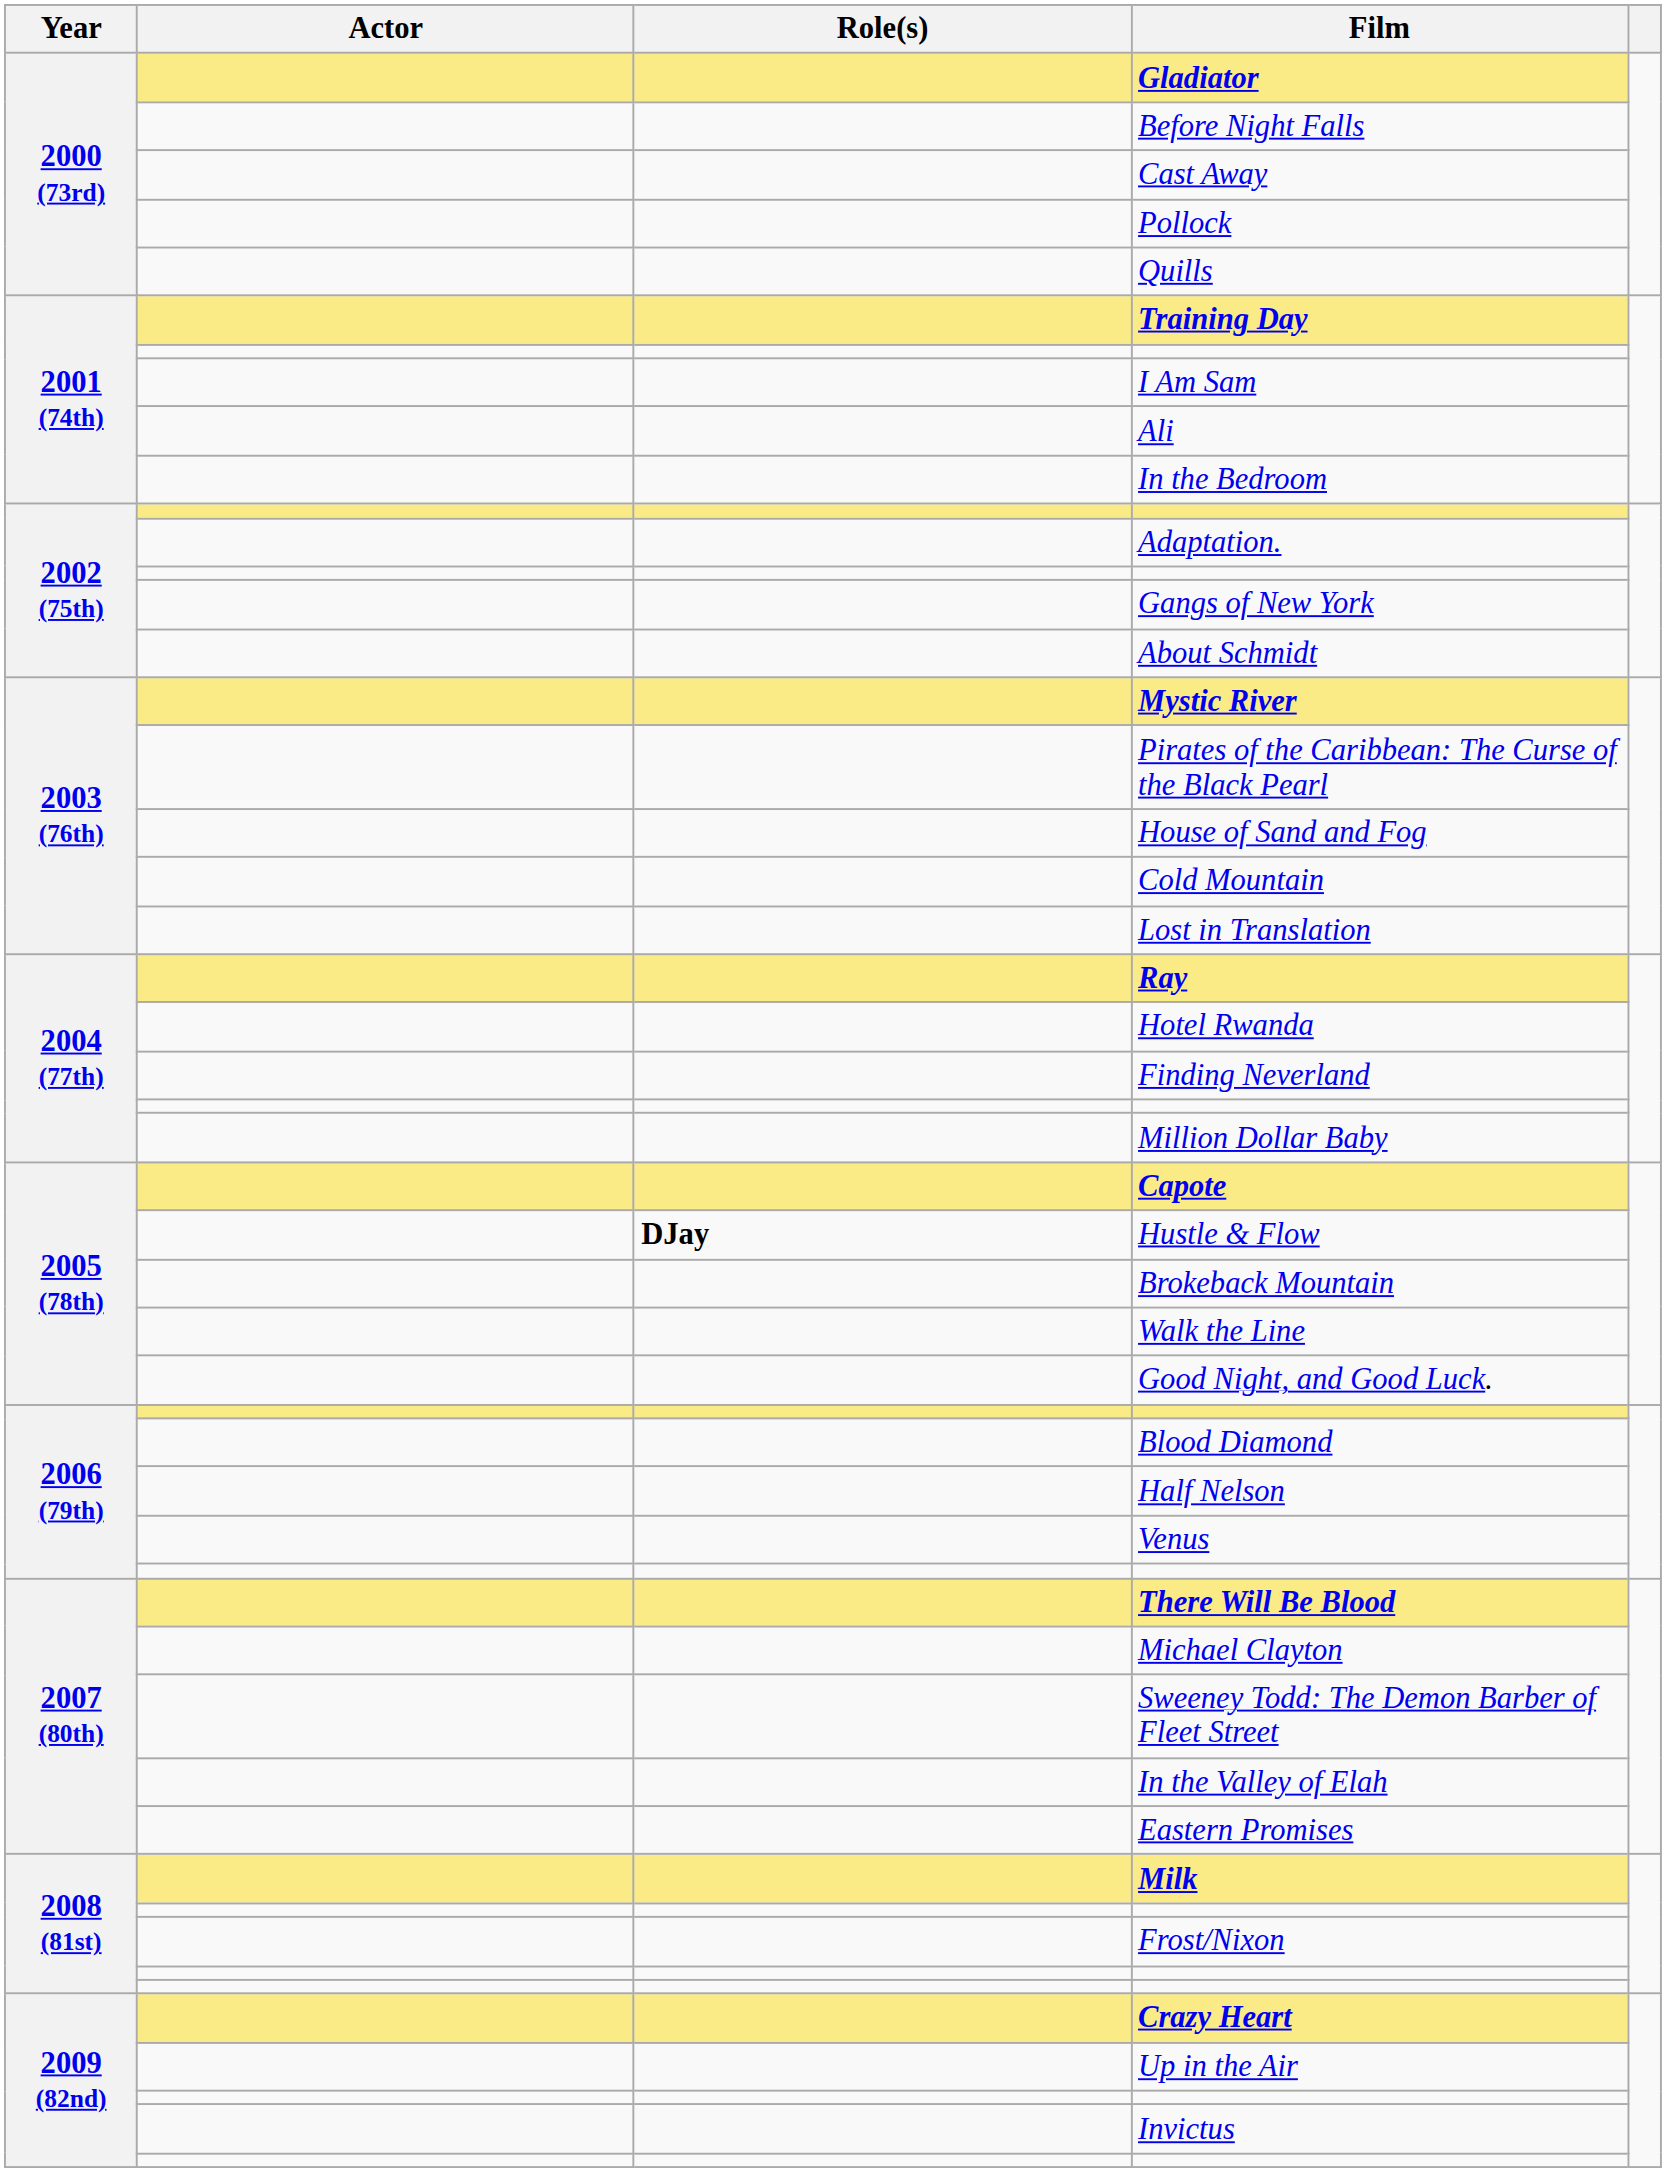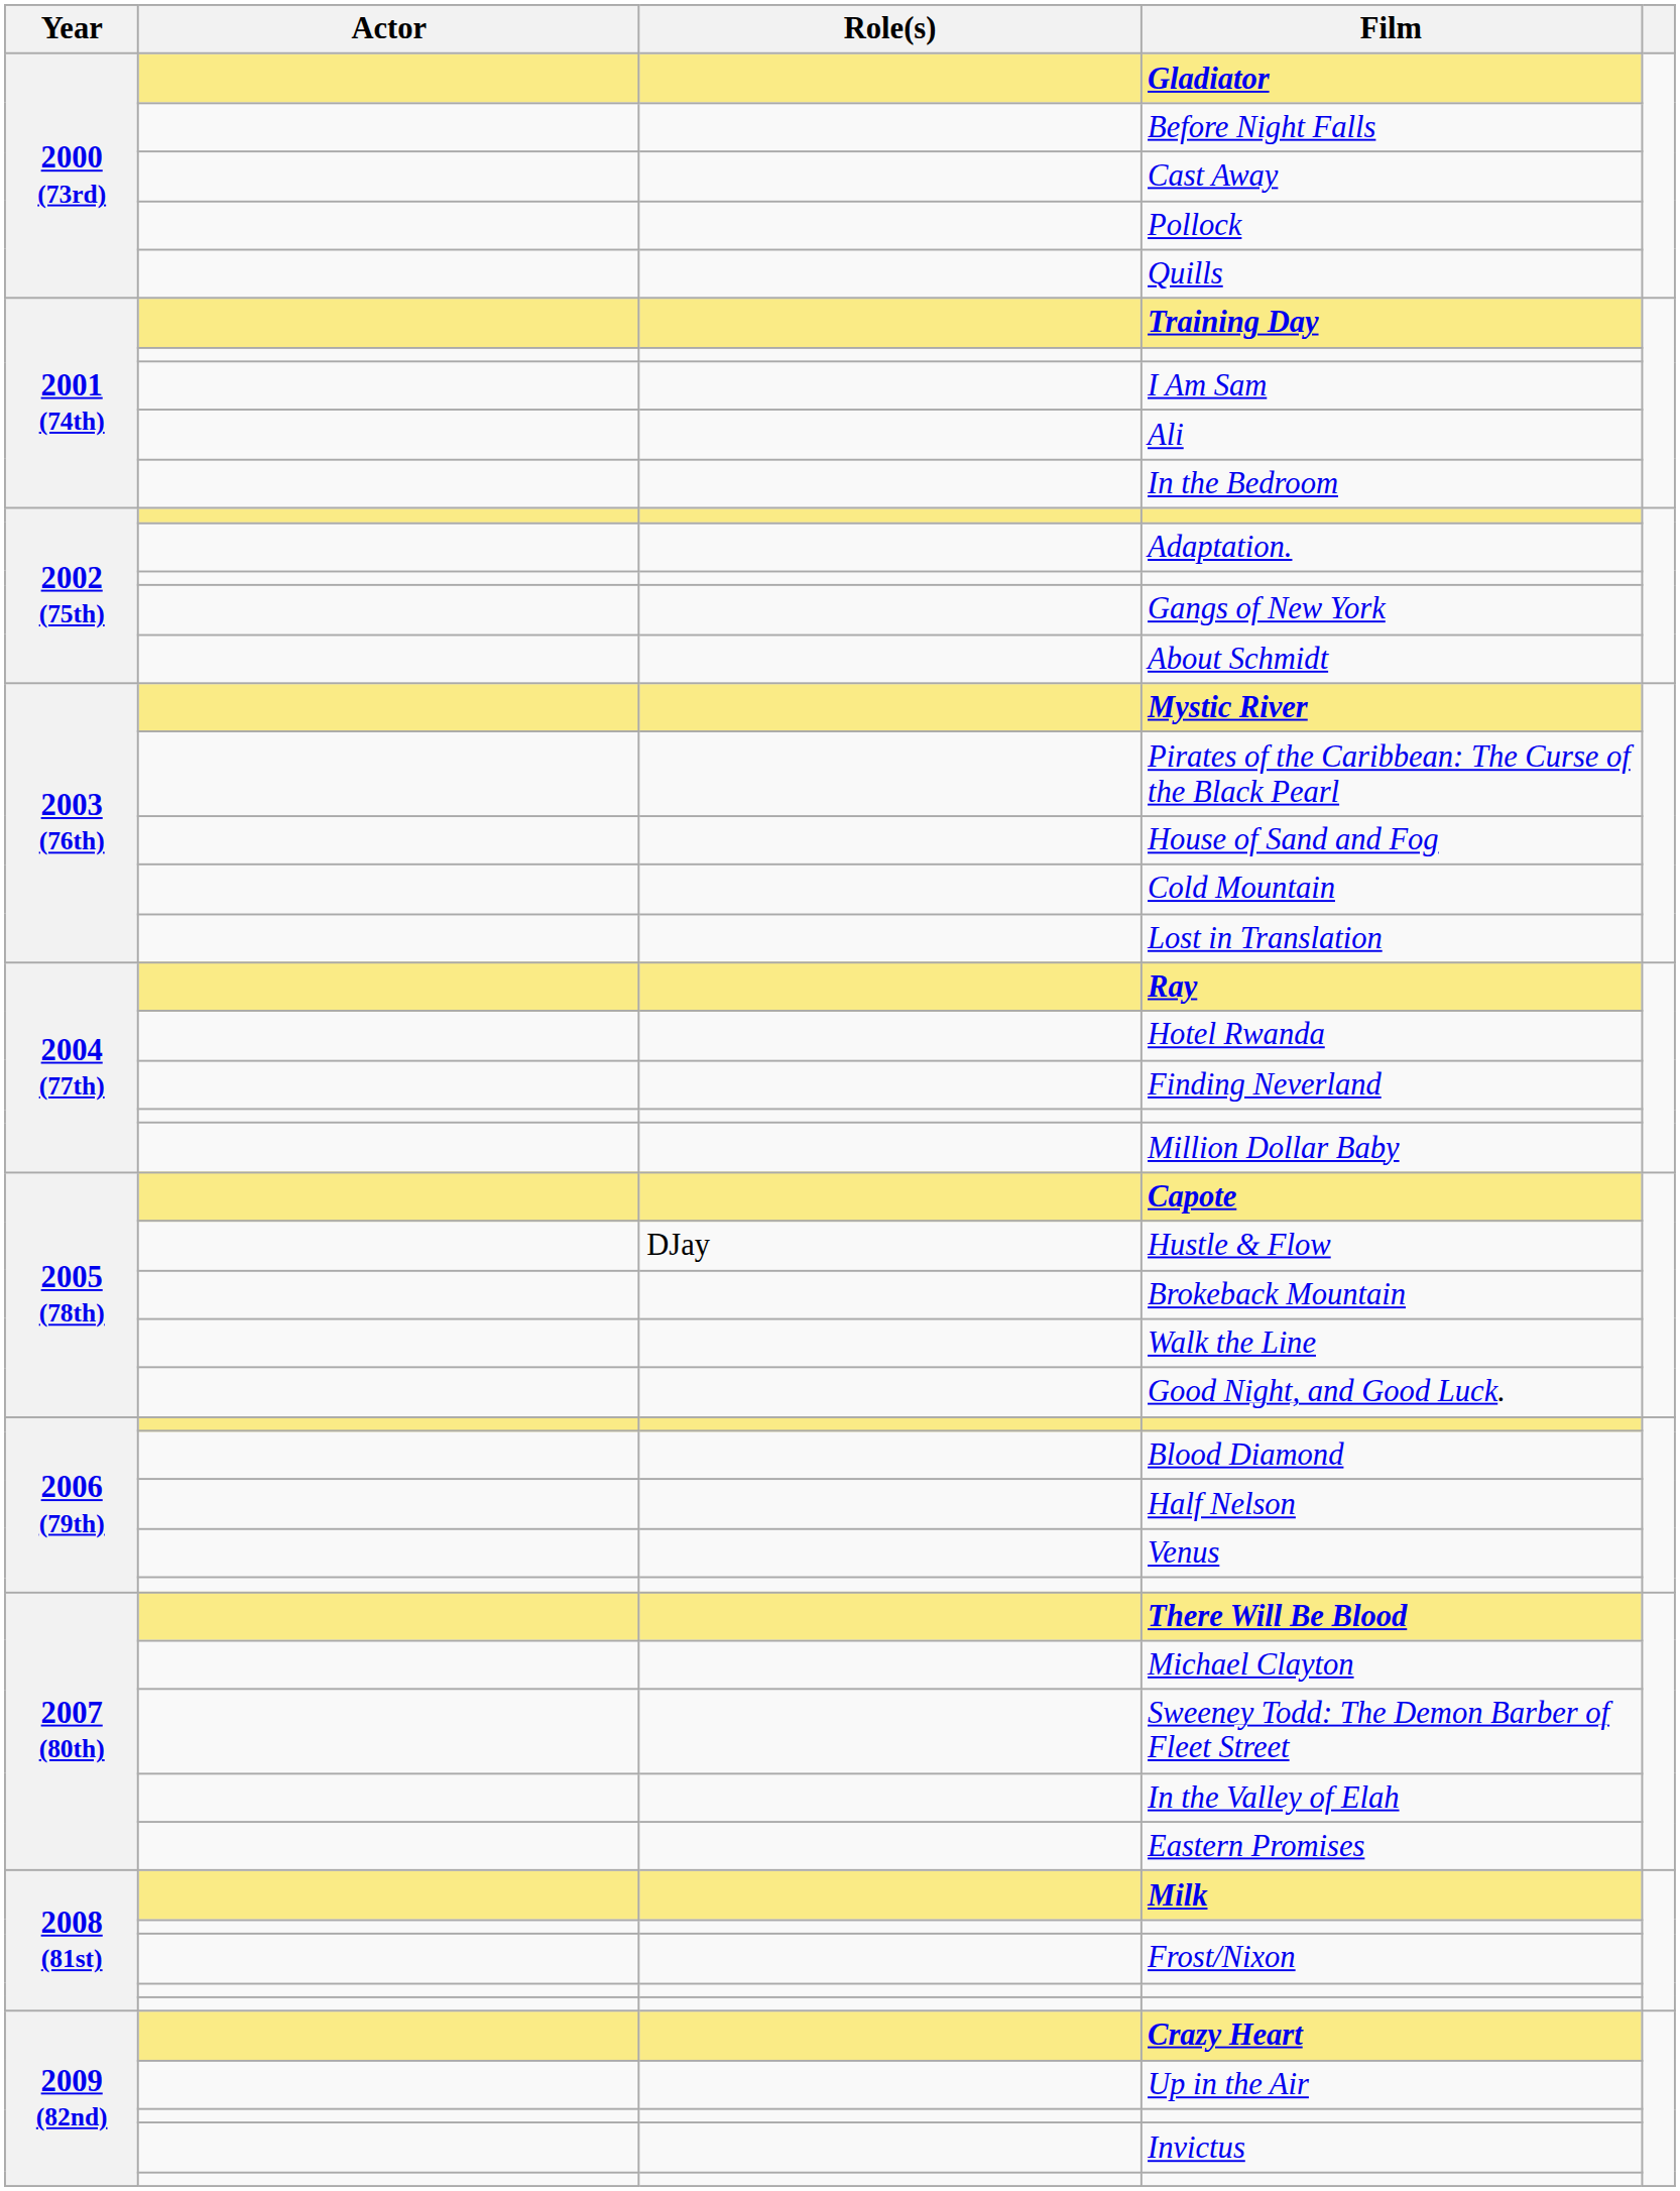 <table class="wikitable sortable">
 <tr>
 <th scope="col" style="width:8%;">Year</th>
 <th scope="col" style="width:30%;">Actor</th>
 <th scope="col" style="width:30%;">Role(s)</th>
 <th scope="col" style="width:30%;">Film</th>
 <th scope="col" style="width:2%;" class="unsortable"></th>
 </tr>
 <tr>
 <th scope="row" rowspan=5 style="text-align:center"><a href='#'>2000</a> <br><small><a href='#'>(73rd)</a> </small></th>
 <td style="background:#FAEB86;"><strong> </strong></td>
 <td style="background:#FAEB86;"><strong></strong></td>
 <td style="background:#FAEB86;"><strong><em><a href='#'>Gladiator</a></em></strong></td>
 <td rowspan=5></td>
 </tr>
 <tr>
 <td></td>
 <td></td>
 <td><em><a href='#'>Before Night Falls</a></em></td>
 </tr>
 <tr>
 <td></td>
 <td></td>
 <td><em><a href='#'>Cast Away</a></em></td>
 </tr>
 <tr>
 <td></td>
 <td></td>
 <td><em><a href='#'>Pollock</a></em></td>
 </tr>
 <tr>
 <td></td>
 <td></td>
 <td><em><a href='#'>Quills</a></em></td>
 </tr>
 <tr>
 <th scope="row" rowspan=5 style="text-align:center"><a href='#'>2001</a> <br><small><a href='#'>(74th)</a> </small></th>
 <td style="background:#FAEB86;"><strong> </strong></td>
 <td style="background:#FAEB86;"><strong></strong></td>
 <td style="background:#FAEB86;"><strong><em><a href='#'>Training Day</a></em></strong></td>
 <td rowspan=5></td>
 </tr>
 <tr>
 <td></td>
 <td></td>
 <td></td>
 </tr>
 <tr>
 <td></td>
 <td></td>
 <td><em><a href='#'>I Am Sam</a></em></td>
 </tr>
 <tr>
 <td></td>
 <td></td>
 <td><em><a href='#'>Ali</a></em></td>
 </tr>
 <tr>
 <td></td>
 <td></td>
 <td><em><a href='#'>In the Bedroom</a></em></td>
 </tr>
 <tr>
 <th scope="row" rowspan=5 style="text-align:center"><a href='#'>2002</a> <br><small><a href='#'>(75th)</a> </small></th>
 <td style="background:#FAEB86;"><strong> </strong></td>
 <td style="background:#FAEB86;"><strong></strong></td>
 <td style="background:#FAEB86;"><strong></strong></td>
 <td rowspan=5></td>
 </tr>
 <tr>
 <td></td>
 <td></td>
 <td><em><a href='#'>Adaptation.</a></em></td>
 </tr>
 <tr>
 <td></td>
 <td></td>
 <td></td>
 </tr>
 <tr>
 <td></td>
 <td></td>
 <td><em><a href='#'>Gangs of New York</a></em></td>
 </tr>
 <tr>
 <td></td>
 <td></td>
 <td><em><a href='#'>About Schmidt</a></em></td>
 </tr>
 <tr>
 <th scope="row" rowspan=5 style="text-align:center"><a href='#'>2003</a> <br><small><a href='#'>(76th)</a> </small></th>
 <td style="background:#FAEB86;"><strong> </strong></td>
 <td style="background:#FAEB86;"><strong></strong></td>
 <td style="background:#FAEB86;"><strong><em><a href='#'>Mystic River</a></em></strong></td>
 <td rowspan=5></td>
 </tr>
 <tr>
 <td></td>
 <td></td>
 <td><em><a href='#'>Pirates of the Caribbean: The Curse of the Black Pearl</a></em></td>
 </tr>
 <tr>
 <td></td>
 <td></td>
 <td><em><a href='#'>House of Sand and Fog</a></em></td>
 </tr>
 <tr>
 <td></td>
 <td></td>
 <td><em><a href='#'>Cold Mountain</a></em></td>
 </tr>
 <tr>
 <td></td>
 <td></td>
 <td><em><a href='#'>Lost in Translation</a></em></td>
 </tr>
 <tr>
 <th scope="row" rowspan=5 style="text-align:center"><a href='#'>2004</a> <br><small><a href='#'>(77th)</a> </small></th>
 <td style="background:#FAEB86;"><strong> </strong></td>
 <td style="background:#FAEB86;"><strong></strong></td>
 <td style="background:#FAEB86;"><strong><em><a href='#'>Ray</a></em></strong></td>
 <td rowspan=5></td>
 </tr>
 <tr>
 <td></td>
 <td></td>
 <td><em><a href='#'>Hotel Rwanda</a></em></td>
 </tr>
 <tr>
 <td></td>
 <td></td>
 <td><em><a href='#'>Finding Neverland</a></em></td>
 </tr>
 <tr>
 <td></td>
 <td></td>
 <td></td>
 </tr>
 <tr>
 <td></td>
 <td></td>
 <td><em><a href='#'>Million Dollar Baby</a></em></td>
 </tr>
 <tr>
 <th scope="row" rowspan=5 style="text-align:center"><a href='#'>2005</a> <br><small><a href='#'>(78th)</a> </small></th>
 <td style="background:#FAEB86;"><strong> </strong></td>
 <td style="background:#FAEB86;"><strong></strong></td>
 <td style="background:#FAEB86;"><strong><em><a href='#'>Capote</a></em></strong></td>
 <td rowspan=5></td>
 </tr>
 <tr>
 <td></td>
-<td><strong>DJay</strong></td>
+<td>DJay</td>
 <td><em><a href='#'>Hustle & Flow</a></em></td>
 </tr>
 <tr>
 <td></td>
 <td></td>
 <td><em><a href='#'>Brokeback Mountain</a></em></td>
 </tr>
 <tr>
 <td></td>
 <td></td>
 <td><em><a href='#'>Walk the Line</a></em></td>
 </tr>
 <tr>
 <td></td>
 <td></td>
 <td><em><a href='#'>Good Night, and Good Luck</a>.</em></td>
 </tr>
 <tr>
 <th scope="row" rowspan=5 style="text-align:center"><a href='#'>2006</a> <br><small><a href='#'>(79th)</a> </small></th>
 <td style="background:#FAEB86;"><strong> </strong></td>
 <td style="background:#FAEB86;"><strong></strong></td>
 <td style="background:#FAEB86;"><strong></strong></td>
 <td rowspan=5></td>
 </tr>
 <tr>
 <td></td>
 <td></td>
 <td><em><a href='#'>Blood Diamond</a></em></td>
 </tr>
 <tr>
 <td></td>
 <td></td>
 <td><em><a href='#'>Half Nelson</a></em></td>
 </tr>
 <tr>
 <td></td>
 <td></td>
 <td><em><a href='#'>Venus</a></em></td>
 </tr>
 <tr>
 <td></td>
 <td></td>
 <td></td>
 </tr>
 <tr>
 <th scope="row" rowspan=5 style="text-align:center"><a href='#'>2007</a> <br><small><a href='#'>(80th)</a> </small></th>
 <td style="background:#FAEB86;"><strong> </strong></td>
 <td style="background:#FAEB86;"><strong></strong></td>
 <td style="background:#FAEB86;"><strong><em><a href='#'>There Will Be Blood</a></em></strong></td>
 <td rowspan=5></td>
 </tr>
 <tr>
 <td></td>
 <td></td>
 <td><em><a href='#'>Michael Clayton</a></em></td>
 </tr>
 <tr>
 <td></td>
 <td></td>
 <td><em><a href='#'>Sweeney Todd: The Demon Barber of Fleet Street</a></em></td>
 </tr>
 <tr>
 <td></td>
 <td></td>
 <td><em><a href='#'>In the Valley of Elah</a></em></td>
 </tr>
 <tr>
 <td></td>
 <td></td>
 <td><em><a href='#'>Eastern Promises</a></em></td>
 </tr>
 <tr>
 <th scope="row" rowspan=5 style="text-align:center"><a href='#'>2008</a> <br><small><a href='#'>(81st)</a> </small></th>
 <td style="background:#FAEB86;"><strong> </strong></td>
 <td style="background:#FAEB86;"><strong></strong></td>
 <td style="background:#FAEB86;"><strong><em><a href='#'>Milk</a></em></strong></td>
 <td rowspan=5></td>
 </tr>
 <tr>
 <td></td>
 <td></td>
 <td></td>
 </tr>
 <tr>
 <td></td>
 <td></td>
 <td><em><a href='#'>Frost/Nixon</a></em></td>
 </tr>
 <tr>
 <td></td>
 <td></td>
 <td></td>
 </tr>
 <tr>
 <td></td>
 <td></td>
 <td></td>
 </tr>
 <tr>
 <th scope="row" rowspan=5 style="text-align:center"><a href='#'>2009</a> <br><small><a href='#'>(82nd)</a> </small></th>
 <td style="background:#FAEB86;"><strong> </strong></td>
 <td style="background:#FAEB86;"><strong></strong></td>
 <td style="background:#FAEB86;"><strong><em><a href='#'>Crazy Heart</a></em></strong></td>
 <td rowspan=5></td>
 </tr>
 <tr>
 <td></td>
 <td></td>
 <td><em><a href='#'>Up in the Air</a></em></td>
 </tr>
 <tr>
 <td></td>
 <td></td>
 <td></td>
 </tr>
 <tr>
 <td></td>
 <td></td>
 <td><em><a href='#'>Invictus</a></em></td>
 </tr>
 <tr>
 <td></td>
 <td></td>
 <td></td>
 </tr>
 </table>
